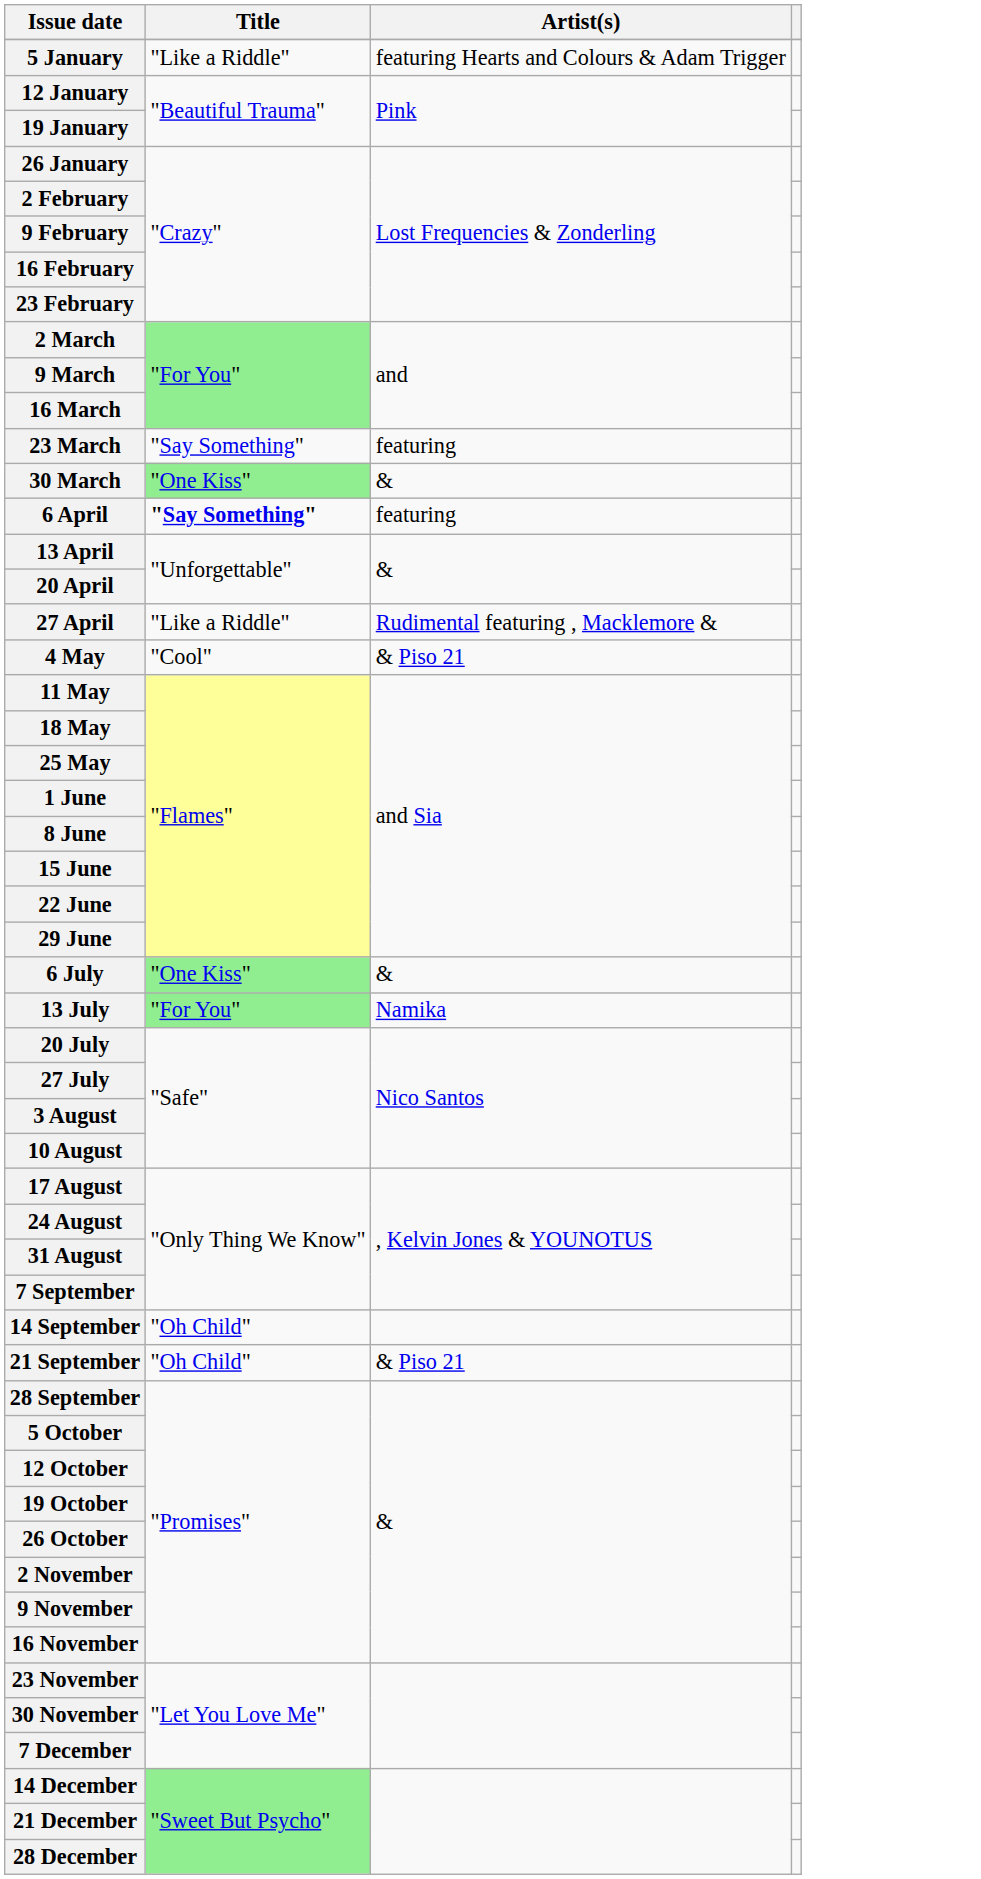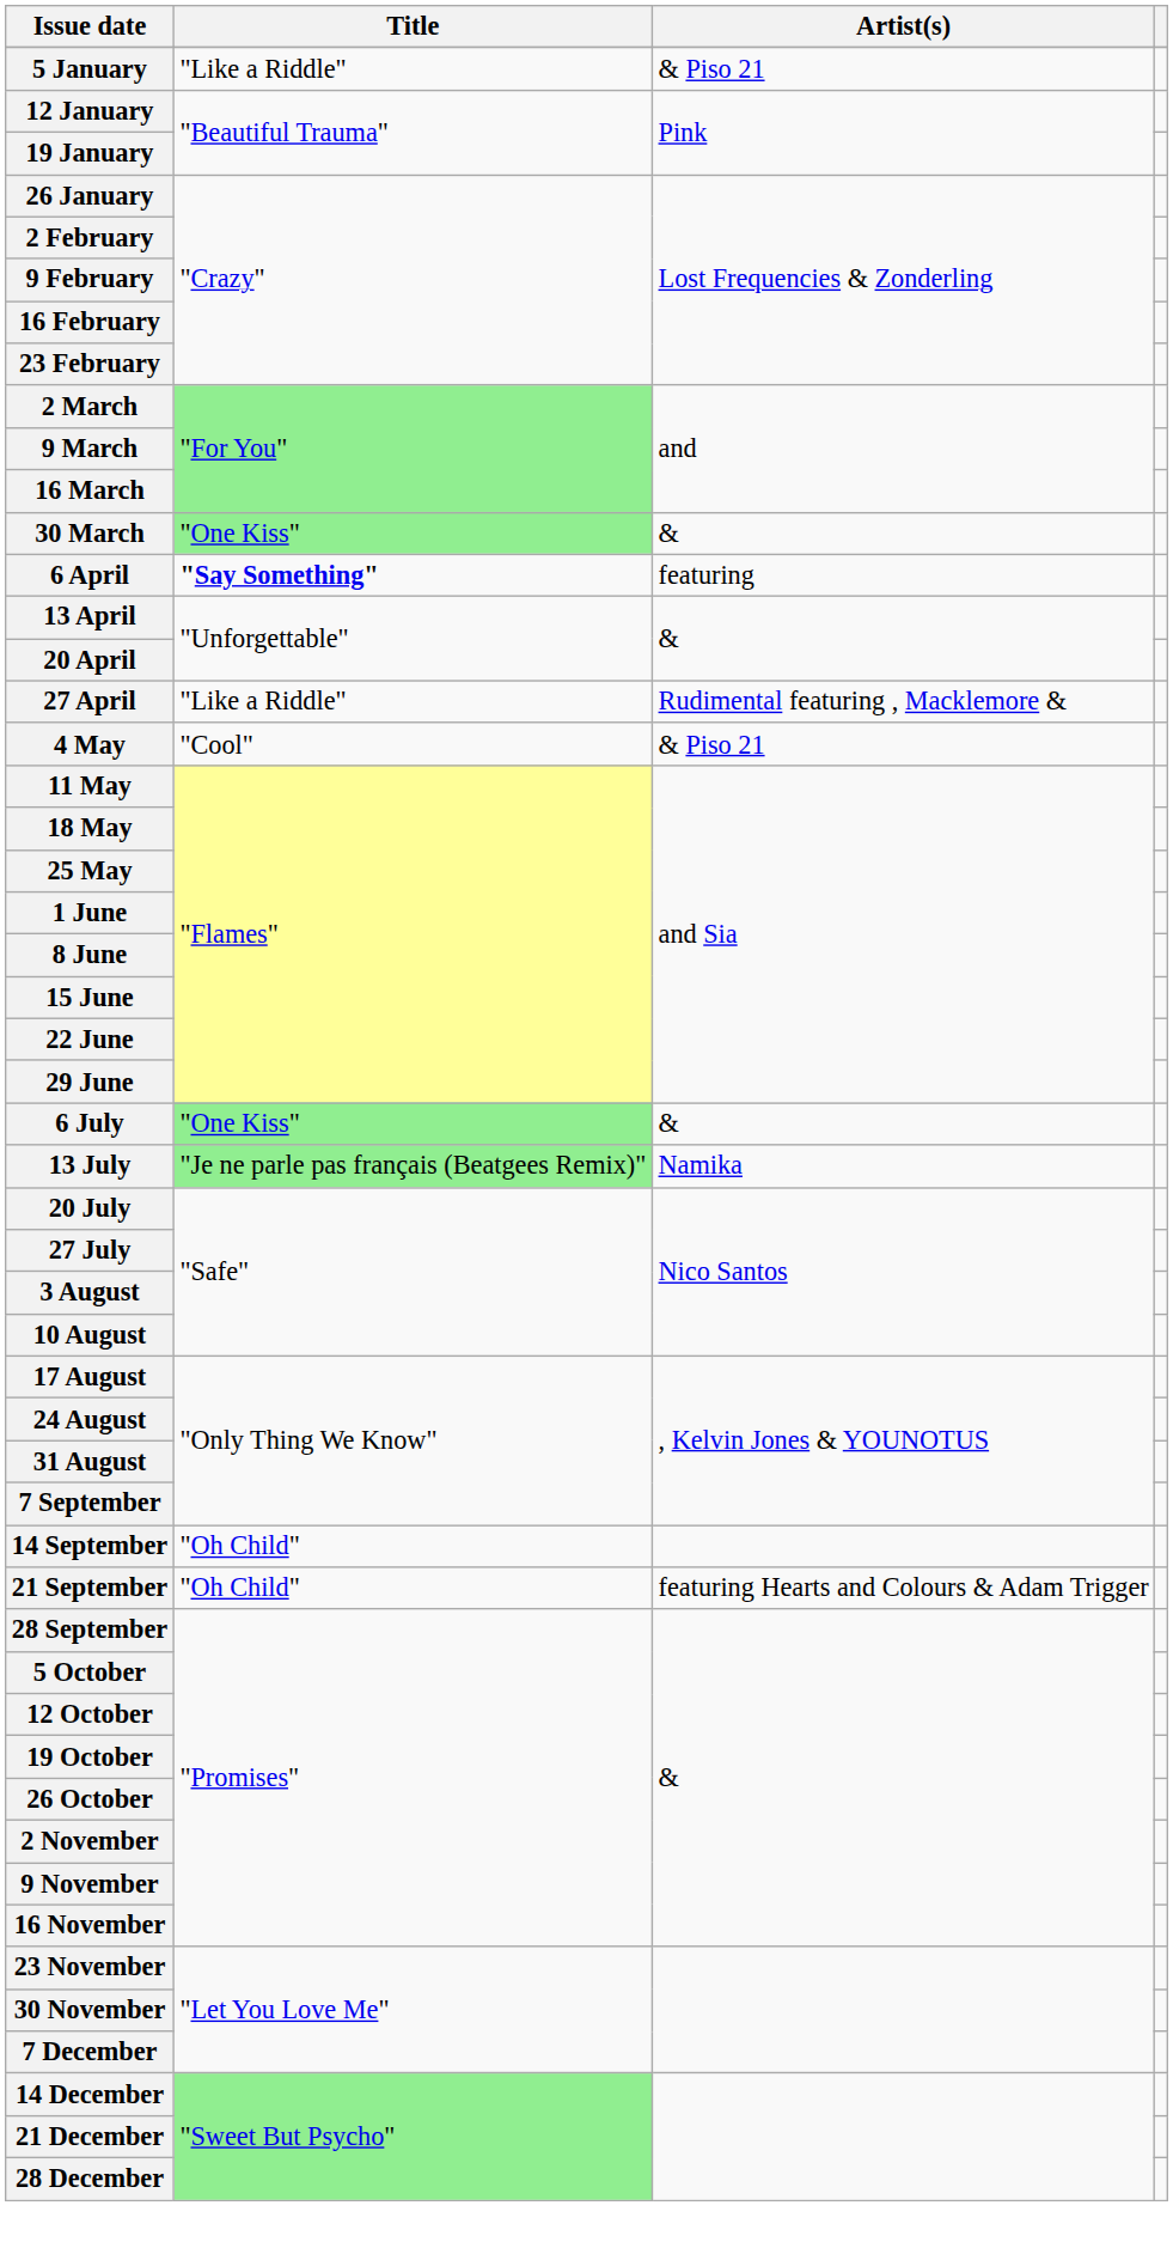 <table class="sortable wikitable sortable plainrowheaders">
 <tr>
 <th scope=col class="sortable">Issue date</th>
 <th scope=col class="sortable">Title</th>
 <th scope=col class="sortable">Artist(s)</th>
 <th scope=col class="unsortable"></th>
 </tr>
 <tr class=unsortable>
 </tr>
 <tr>
 <th scope="row" style="text-align:center;">5 January</th>
 <td>"Like a Riddle"</td>
-<td> featuring Hearts and Colours & Adam Trigger</td>
+<td> & <a href='#'>Piso 21</a></td>
 <td style="text-align:center;"></td>
 </tr>
 <tr>
 <th scope="row" style="text-align:center;">12 January</th>
 <td rowspan="2">"<a href='#'>Beautiful Trauma</a>"</td>
 <td rowspan="2"><a href='#'>Pink</a></td>
 <td style="text-align:center;"></td>
 </tr>
 <tr>
 <th scope="row" style="text-align:center;">19 January</th>
 <td style="text-align:center;"></td>
 </tr>
 <tr>
 <th scope="row" style="text-align:center;">26 January</th>
 <td rowspan="5">"<a href='#'>Crazy</a>"</td>
 <td rowspan="5"><a href='#'>Lost Frequencies</a> & <a href='#'>Zonderling</a></td>
 <td style="text-align:center;"></td>
 </tr>
 <tr>
 <th scope="row" style="text-align:center;">2 February</th>
 <td style="text-align:center;"></td>
 </tr>
 <tr>
 <th scope="row" style="text-align:center;">9 February</th>
 <td style="text-align:center;"></td>
 </tr>
 <tr>
 <th scope="row" style="text-align:center;">16 February</th>
 <td style="text-align:center;"></td>
 </tr>
 <tr>
 <th scope="row" style="text-align:center;">23 February</th>
 <td style="text-align:center;"></td>
 </tr>
 <tr>
 <th scope="row" style="text-align:center;">2 March</th>
 <td rowspan="3" style="background-color:lightgreen">"<a href='#'>For You</a>" </td>
 <td rowspan="3"> and </td>
 <td style="text-align:center;"></td>
 </tr>
 <tr>
 <th scope="row" style="text-align:center;">9 March</th>
 <td style="text-align:center;"></td>
 </tr>
 <tr>
 <th scope="row" style="text-align:center;">16 March</th>
-<td style="text-align:center;"></td>
-</tr>
-<tr>
-<th scope="row" style="text-align:center;">23 March</th>
-<td>"<a href='#'>Say Something</a>"</td>
-<td> featuring </td>
 <td style="text-align:center;"></td>
 </tr>
 <tr>
 <th scope="row" style="text-align:center;">30 March</th>
 <td style="background-color:lightgreen">"<a href='#'>One Kiss</a>" </td>
 <td> & </td>
 <td style="text-align:center;"></td>
 </tr>
 <tr>
 <th scope="row" style="text-align:center;">6 April</th>
 <td><strong>"<a href='#'>Say Something</a>"</strong></td>
 <td> featuring </td>
 <td style="text-align:center;"></td>
 </tr>
 <tr>
 <th scope="row" style="text-align:center;">13 April</th>
 <td rowspan="2">"Unforgettable"</td>
 <td rowspan="2"> & </td>
 <td style="text-align:center;"></td>
 </tr>
 <tr>
 <th scope="row" style="text-align:center;">20 April</th>
 <td style="text-align:center;"></td>
 </tr>
 <tr>
 <th scope="row" style="text-align:center;">27 April</th>
 <td>"Like a Riddle"</td>
 <td><a href='#'>Rudimental</a> featuring , <a href='#'>Macklemore</a> & </td>
 <td style="text-align:center;"></td>
 </tr>
 <tr>
 <th scope="row" style="text-align:center;">4 May</th>
 <td>"Cool"</td>
 <td> & <a href='#'>Piso 21</a></td>
 <td style="text-align:center;"></td>
 </tr>
 <tr>
 <th scope="row" style="text-align:center;">11 May</th>
 <td rowspan="8" style="background-color:#FFFF99">"<a href='#'>Flames</a>" </td>
 <td rowspan="8"> and <a href='#'>Sia</a></td>
 <td style="text-align:center;"></td>
 </tr>
 <tr>
 <th scope="row" style="text-align:center;">18 May</th>
 <td style="text-align:center;"></td>
 </tr>
 <tr>
 <th scope="row" style="text-align:center;">25 May</th>
 <td style="text-align:center;"></td>
 </tr>
 <tr>
 <th scope="row" style="text-align:center;">1 June</th>
 <td style="text-align:center;"></td>
 </tr>
 <tr>
 <th scope="row" style="text-align:center;">8 June</th>
 <td style="text-align:center;"></td>
 </tr>
 <tr>
 <th scope="row" style="text-align:center;">15 June</th>
 <td style="text-align:center;"></td>
 </tr>
 <tr>
 <th scope="row" style="text-align:center;">22 June</th>
 <td style="text-align:center;"></td>
 </tr>
 <tr>
 <th scope="row" style="text-align:center;">29 June</th>
 <td style="text-align:center;"></td>
 </tr>
 <tr>
 <th scope="row" style="text-align:center;">6 July</th>
 <td style="background-color:lightgreen">"<a href='#'>One Kiss</a>" </td>
 <td> & </td>
 <td style="text-align:center;"></td>
 </tr>
 <tr>
 <th scope="row" style="text-align:center;">13 July</th>
-<td style="background-color:lightgreen">"<a href='#'>For You</a>" </td>
+<td style="background-color:lightgreen">"Je ne parle pas français (Beatgees Remix)" </td>
 <td><a href='#'>Namika</a></td>
 <td style="text-align:center;"></td>
 </tr>
 <tr>
 <th scope="row" style="text-align:center;">20 July</th>
 <td rowspan="4">"Safe"</td>
 <td rowspan="4"><a href='#'>Nico Santos</a></td>
 <td style="text-align:center;"></td>
 </tr>
 <tr>
 <th scope="row" style="text-align:center;">27 July</th>
 <td style="text-align:center;"></td>
 </tr>
 <tr>
 <th scope="row" style="text-align:center;">3 August</th>
 <td style="text-align:center;"></td>
 </tr>
 <tr>
 <th scope="row" style="text-align:center;">10 August</th>
 <td style="text-align:center;"></td>
 </tr>
 <tr>
 <th scope="row" style="text-align:center;">17 August</th>
 <td rowspan="4">"Only Thing We Know"</td>
 <td rowspan="4">, <a href='#'>Kelvin Jones</a> & <a href='#'>YOUNOTUS</a></td>
 <td style="text-align:center;"></td>
 </tr>
 <tr>
 <th scope="row" style="text-align:center;">24 August</th>
 <td style="text-align:center;"></td>
 </tr>
 <tr>
 <th scope="row" style="text-align:center;">31 August</th>
 <td style="text-align:center;"></td>
 </tr>
 <tr>
 <th scope="row" style="text-align:center;">7 September</th>
 <td style="text-align:center;"></td>
 </tr>
 <tr>
 <th scope="row" style="text-align:center;">14 September</th>
 <td>"<a href='#'>Oh Child</a>"</td>
 <td></td>
 <td style="text-align:center;"></td>
 </tr>
 <tr>
 <th scope="row" style="text-align:center;">21 September</th>
 <td>"<a href='#'>Oh Child</a>"</td>
-<td> & <a href='#'>Piso 21</a></td>
+<td> featuring Hearts and Colours & Adam Trigger</td>
 <td style="text-align:center;"></td>
 </tr>
 <tr>
 <th scope="row" style="text-align:center;">28 September</th>
 <td rowspan="8">"<a href='#'>Promises</a>"</td>
 <td rowspan="8"> & </td>
 <td style="text-align:center;"></td>
 </tr>
 <tr>
 <th scope="row" style="text-align:center;">5 October</th>
 <td style="text-align:center;"></td>
 </tr>
 <tr>
 <th scope="row" style="text-align:center;">12 October</th>
 <td style="text-align:center;"></td>
 </tr>
 <tr>
 <th scope="row" style="text-align:center;">19 October</th>
 <td style="text-align:center;"></td>
 </tr>
 <tr>
 <th scope="row" style="text-align:center;">26 October</th>
 <td style="text-align:center;"></td>
 </tr>
 <tr>
 <th scope="row" style="text-align:center;">2 November</th>
 <td style="text-align:center;"></td>
 </tr>
 <tr>
 <th scope="row" style="text-align:center;">9 November</th>
 <td style="text-align:center;"></td>
 </tr>
 <tr>
 <th scope="row" style="text-align:center;">16 November</th>
 <td style="text-align:center;"></td>
 </tr>
 <tr>
 <th scope="row" style="text-align:center;">23 November</th>
 <td rowspan="3">"<a href='#'>Let You Love Me</a>"</td>
 <td rowspan="3"></td>
 <td style="text-align:center;"></td>
 </tr>
 <tr>
 <th scope="row" style="text-align:center;">30 November</th>
 <td style="text-align:center;"></td>
 </tr>
 <tr>
 <th scope="row" style="text-align:center;">7 December</th>
 <td style="text-align:center;"></td>
 </tr>
 <tr>
 <th scope="row" style="text-align:center;">14 December</th>
 <td rowspan="3" scope="row" style="background-color:lightgreen">"<a href='#'>Sweet But Psycho</a>" </td>
 <td rowspan="3"></td>
 <td style="text-align:center;"></td>
 </tr>
 <tr>
 <th scope="row" style="text-align:center;">21 December</th>
 <td style="text-align:center;"></td>
 </tr>
 <tr>
 <th scope="row" style="text-align:center;">28 December</th>
 <td style="text-align:center;"></td>
 </tr>
 </table>
